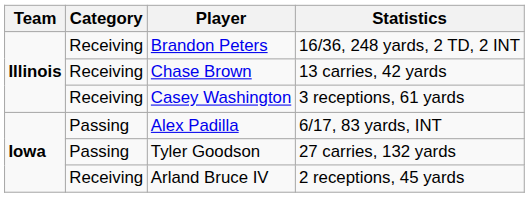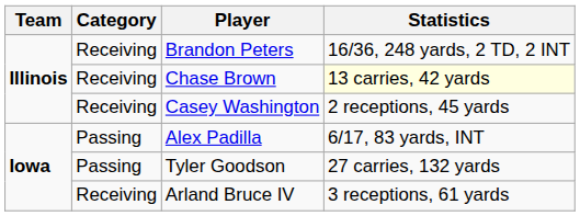 <table class="wikitable" style="float: left;">
 <tr>
 <th>Team</th>
 <th>Category</th>
 <th>Player</th>
 <th>Statistics</th>
 </tr>
 <tr>
 <td rowspan=3><strong>Illinois</strong></td>
 <td>Receiving</td>
 <td><a href='#'>Brandon Peters</a></td>
 <td>16/36, 248 yards, 2 TD, 2 INT</td>
 </tr>
 <tr>
 <td>Receiving</td>
 <td><a href='#'>Chase Brown</a></td>
-<td>13 carries, 42 yards</td>
+<td style="background: lightyellow;">13 carries, 42 yards</td>
 </tr>
 <tr>
 <td>Receiving</td>
 <td><a href='#'>Casey Washington</a></td>
-<td>3 receptions, 61 yards</td>
+<td>2 receptions, 45 yards</td>
 </tr>
 <tr>
 <td rowspan=3><strong>Iowa</strong></td>
 <td>Passing</td>
 <td><a href='#'>Alex Padilla</a></td>
 <td>6/17, 83 yards, INT</td>
 </tr>
 <tr>
 <td>Passing</td>
 <td>Tyler Goodson</td>
 <td>27 carries, 132 yards</td>
 </tr>
 <tr>
 <td>Receiving</td>
 <td>Arland Bruce IV</td>
-<td>2 receptions, 45 yards</td>
+<td>3 receptions, 61 yards</td>
 </tr>
 </table>
